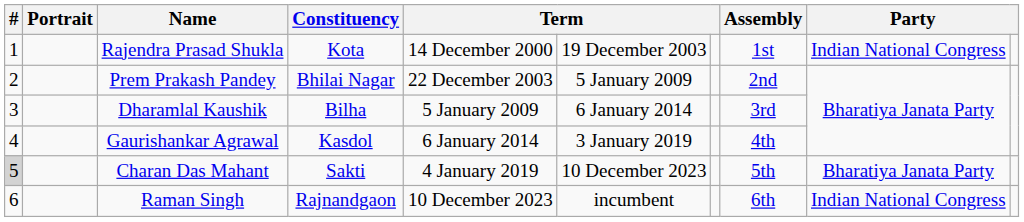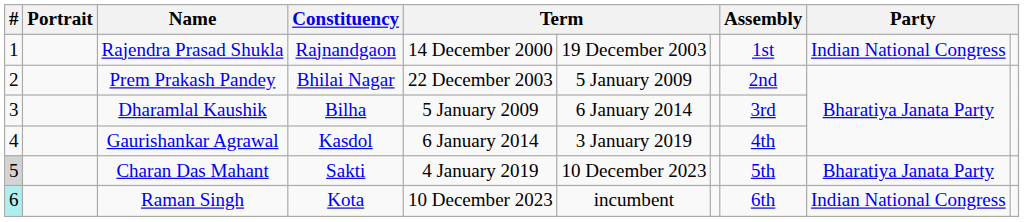 <table class="wikitable" border="1">
 <tr>
 <th>#</th>
 <th>Portrait</th>
 <th>Name</th>
 <th><a href='#'>Constituency</a></th>
 <th colspan="3">Term</th>
 <th>Assembly</th>
 <th colspan="2" scope="col">Party</th>
 </tr>
 <tr style="text-align:center;">
 <td>1</td>
 <td></td>
 <td><a href='#'>Rajendra Prasad Shukla</a></td>
-<td><a href='#'>Kota</a></td>
+<td><a href='#'>Rajnandgaon</a></td>
 <td>14 December 2000</td>
 <td>19 December 2003</td>
 <td></td>
 <td><a href='#'>1st</a></td>
 <td><a href='#'>Indian National Congress</a></td>
 <td style="background-color: "></td>
 </tr>
 <tr style="text-align:center;">
 <td>2</td>
 <td></td>
 <td><a href='#'>Prem Prakash Pandey</a></td>
 <td><a href='#'>Bhilai Nagar</a></td>
 <td>22 December 2003</td>
 <td>5 January 2009</td>
 <td></td>
 <td><a href='#'>2nd</a></td>
 <td rowspan="3"><a href='#'>Bharatiya Janata Party</a></td>
 <td rowspan="3" style="background-color: "></td>
 </tr>
 <tr style="text-align:center;">
 <td>3</td>
 <td></td>
 <td><a href='#'>Dharamlal Kaushik</a></td>
 <td><a href='#'>Bilha</a></td>
 <td>5 January 2009</td>
 <td>6 January 2014</td>
 <td></td>
 <td><a href='#'>3rd</a></td>
 </tr>
 <tr style="text-align:center;">
 <td>4</td>
 <td></td>
 <td><a href='#'>Gaurishankar Agrawal</a></td>
 <td><a href='#'>Kasdol</a></td>
 <td>6 January 2014</td>
 <td>3 January 2019</td>
 <td></td>
 <td><a href='#'>4th</a></td>
 </tr>
 <tr style="text-align:center;">
 <td style="background: lightgrey;">5</td>
 <td></td>
 <td><a href='#'>Charan Das Mahant</a></td>
 <td><a href='#'>Sakti</a></td>
 <td>4 January 2019</td>
 <td>10 December 2023</td>
 <td></td>
 <td><a href='#'>5th</a></td>
 <td><a href='#'>Bharatiya Janata Party</a></td>
 <td style="background-color: "></td>
 </tr>
 <tr style="text-align:center;">
-<td>6</td>
+<td style="background: paleturquoise;">6</td>
 <td></td>
 <td><a href='#'>Raman Singh</a></td>
-<td><a href='#'>Rajnandgaon</a></td>
+<td><a href='#'>Kota</a></td>
 <td>10 December 2023</td>
 <td>incumbent</td>
 <td></td>
 <td><a href='#'>6th</a></td>
 <td><a href='#'>Indian National Congress</a></td>
 <td style="background-color: "></td>
 </tr>
 </table>
